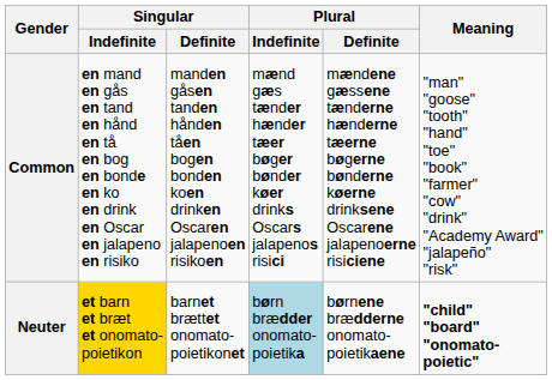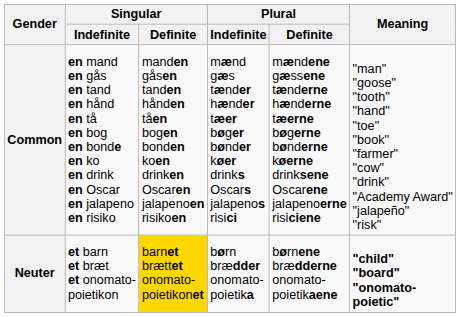 <table class="wikitable">
 <tr>
 <th rowspan="2">Gender</th>
 <th colspan="2">Singular</th>
 <th colspan="2">Plural</th>
 <th rowspan=2>Meaning</th>
 </tr>
 <tr>
 <th>Indefinite</th>
 <th>Definite</th>
 <th>Indefinite</th>
 <th>Definite</th>
 </tr>
 <tr>
 <th>Common</th>
 <td><strong>en</strong> mand<br><strong>en</strong> gås<br><strong>en</strong> tand<br><strong>en</strong> hånd<br><strong>en</strong> tå<br><strong>en</strong> bog<br><strong>en</strong> bond<strong>e</strong><br><strong>en</strong> ko<br><strong>en</strong> drink<br><strong>en</strong> Oscar<br><strong>en</strong> jalapeno<br><strong>en</strong> risiko</td>
 <td>mand<strong>en</strong><br>gås<strong>en</strong><br>tand<strong>en</strong><br>hånd<strong>en</strong><br>tå<strong>en</strong><br>bog<strong>en</strong><br>bond<strong>en</strong><br>ko<strong>en</strong><br>drink<strong>en</strong><br>Oscar<strong>en</strong><br>jalapeno<strong>en</strong><br>risiko<strong>en</strong></td>
 <td>m<strong>æ</strong>nd<br>g<strong>æ</strong>s<br>t<strong>æ</strong>nd<strong>er</strong><br>h<strong>æ</strong>nd<strong>er</strong><br>t<strong>æer</strong><br>b<strong>ø</strong>g<strong>er</strong><br>b<strong>ø</strong>nd<strong>er</strong><br>k<strong>øer</strong><br>drink<strong>s</strong><br>Oscar<strong>s</strong><br>jalapeno<strong>s</strong><br>risi<strong>ci</strong></td>
 <td>m<strong>æ</strong>nd<strong>ene</strong><br>g<strong>æ</strong>ss<strong>ene</strong><br>t<strong>æ</strong>nd<strong>erne</strong><br>h<strong>æ</strong>nd<strong>erne</strong><br>t<strong>æerne</strong><br>b<strong>ø</strong>g<strong>erne</strong><br>b<strong>ø</strong>nd<strong>erne</strong><br>k<strong>øerne</strong><br>drink<strong>sene</strong><br>Oscar<strong>ene</strong><br>jalapeno<strong>erne</strong><br>risi<strong>ciene</strong></td>
 <td><br>"man"<br>"goose"<br>"tooth"<br>"hand"<br>"toe"<br>"book"<br>"farmer"<br>"cow"<br>"drink"<br>"Academy Award"<br>"jalapeño"<br>"risk"</td>
 </tr>
 <tr>
 <th>Neuter</th>
-<td style="background: gold;"><strong>et</strong> barn<br><strong>et</strong> bræt<br><strong>et</strong> onomato-<br>poietikon</td>
-<td>barn<strong>et</strong><br>brætt<strong>et</strong><br>onomato-<br>poietikon<strong>et</strong></td>
-<td style="background: lightblue;">b<strong>ø</strong>rn<br>bræ<strong>dder</strong><br>onomato-<br>poietik<strong>a</strong></td>
+<td><strong>et</strong> barn<br><strong>et</strong> bræt<br><strong>et</strong> onomato-<br>poietikon</td>
+<td style="background: gold;">barn<strong>et</strong><br>brætt<strong>et</strong><br>onomato-<br>poietikon<strong>et</strong></td>
+<td>b<strong>ø</strong>rn<br>bræ<strong>dder</strong><br>onomato-<br>poietik<strong>a</strong></td>
 <td>b<strong>ø</strong>rn<strong>ene</strong><br>bræ<strong>dderne</strong><br>onomato-<br>poietik<strong>aene</strong></td>
 <td><strong><br>"child"<br>"board"<br>"onomato-<br>poietic"</strong></td>
 </tr>
 </table>
